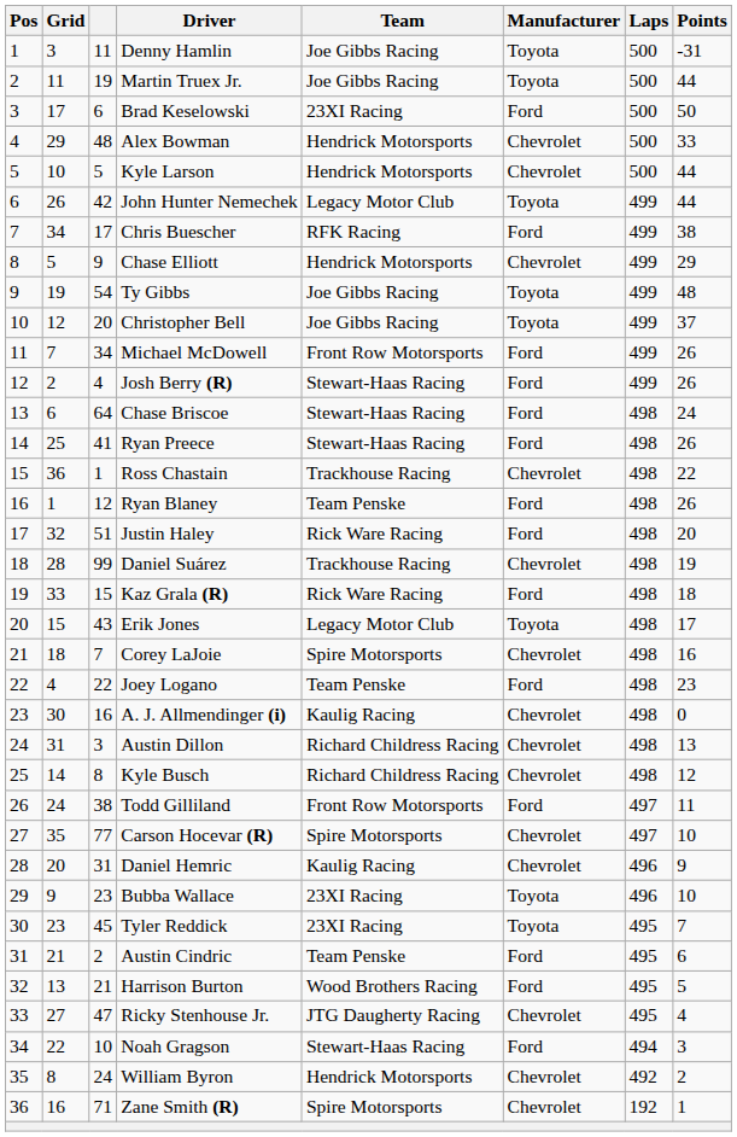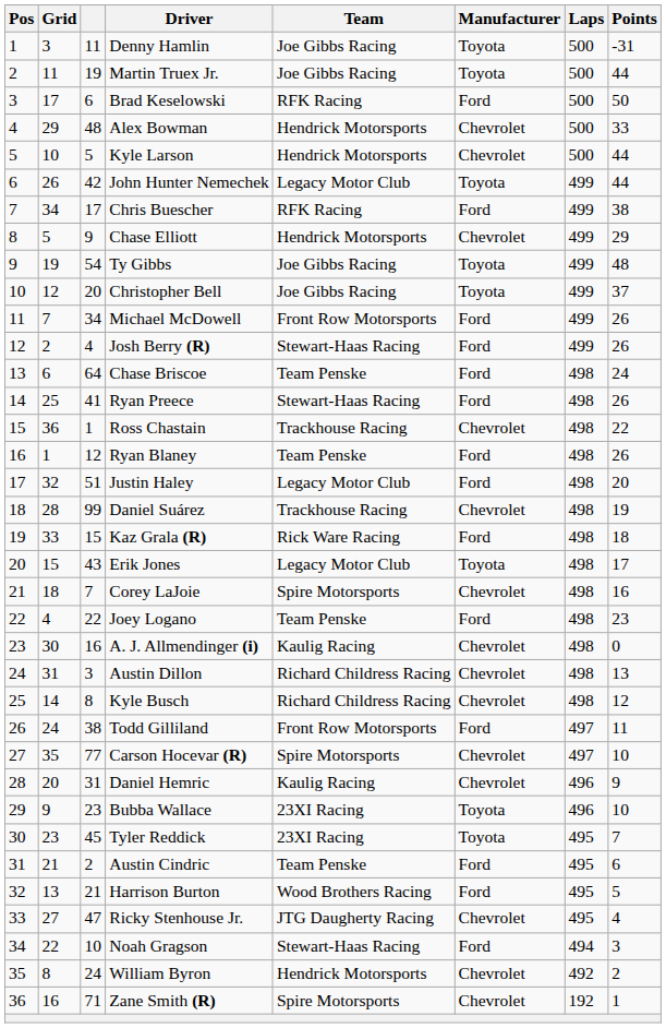 <table class="wikitable" style="font-size:98%">
 <tr>
 <th>Pos</th>
 <th>Grid</th>
 <th></th>
 <th>Driver</th>
 <th>Team</th>
 <th>Manufacturer</th>
 <th>Laps</th>
 <th>Points</th>
 </tr>
 <tr>
 <td>1</td>
 <td>3</td>
 <td>11</td>
 <td>Denny Hamlin</td>
 <td>Joe Gibbs Racing</td>
 <td>Toyota</td>
 <td>500</td>
 <td>-31 </td>
 </tr>
 <tr>
 <td>2</td>
 <td>11</td>
 <td>19</td>
 <td>Martin Truex Jr.</td>
 <td>Joe Gibbs Racing</td>
 <td>Toyota</td>
 <td>500</td>
 <td>44</td>
 </tr>
 <tr>
 <td>3</td>
 <td>17</td>
 <td>6</td>
 <td>Brad Keselowski</td>
-<td>23XI Racing</td>
+<td>RFK Racing</td>
 <td>Ford</td>
 <td>500</td>
 <td>50</td>
 </tr>
 <tr>
 <td>4</td>
 <td>29</td>
 <td>48</td>
 <td>Alex Bowman</td>
 <td>Hendrick Motorsports</td>
 <td>Chevrolet</td>
 <td>500</td>
 <td>33</td>
 </tr>
 <tr>
 <td>5</td>
 <td>10</td>
 <td>5</td>
 <td>Kyle Larson</td>
 <td>Hendrick Motorsports</td>
 <td>Chevrolet</td>
 <td>500</td>
 <td>44</td>
 </tr>
 <tr>
 <td>6</td>
 <td>26</td>
 <td>42</td>
 <td>John Hunter Nemechek</td>
 <td>Legacy Motor Club</td>
 <td>Toyota</td>
 <td>499</td>
 <td>44</td>
 </tr>
 <tr>
 <td>7</td>
 <td>34</td>
 <td>17</td>
 <td>Chris Buescher</td>
 <td>RFK Racing</td>
 <td>Ford</td>
 <td>499</td>
 <td>38</td>
 </tr>
 <tr>
 <td>8</td>
 <td>5</td>
 <td>9</td>
 <td>Chase Elliott</td>
 <td>Hendrick Motorsports</td>
 <td>Chevrolet</td>
 <td>499</td>
 <td>29</td>
 </tr>
 <tr>
 <td>9</td>
 <td>19</td>
 <td>54</td>
 <td>Ty Gibbs</td>
 <td>Joe Gibbs Racing</td>
 <td>Toyota</td>
 <td>499</td>
 <td>48</td>
 </tr>
 <tr>
 <td>10</td>
 <td>12</td>
 <td>20</td>
 <td>Christopher Bell</td>
 <td>Joe Gibbs Racing</td>
 <td>Toyota</td>
 <td>499</td>
 <td>37</td>
 </tr>
 <tr>
 <td>11</td>
 <td>7</td>
 <td>34</td>
 <td>Michael McDowell</td>
 <td>Front Row Motorsports</td>
 <td>Ford</td>
 <td>499</td>
 <td>26</td>
 </tr>
 <tr>
 <td>12</td>
 <td>2</td>
 <td>4</td>
 <td>Josh Berry <strong>(R)</strong></td>
 <td>Stewart-Haas Racing</td>
 <td>Ford</td>
 <td>499</td>
 <td>26</td>
 </tr>
 <tr>
 <td>13</td>
 <td>6</td>
 <td>64</td>
 <td>Chase Briscoe</td>
-<td>Stewart-Haas Racing</td>
+<td>Team Penske</td>
 <td>Ford</td>
 <td>498</td>
 <td>24</td>
 </tr>
 <tr>
 <td>14</td>
 <td>25</td>
 <td>41</td>
 <td>Ryan Preece</td>
 <td>Stewart-Haas Racing</td>
 <td>Ford</td>
 <td>498</td>
 <td>26</td>
 </tr>
 <tr>
 <td>15</td>
 <td>36</td>
 <td>1</td>
 <td>Ross Chastain</td>
 <td>Trackhouse Racing</td>
 <td>Chevrolet</td>
 <td>498</td>
 <td>22</td>
 </tr>
 <tr>
 <td>16</td>
 <td>1</td>
 <td>12</td>
 <td>Ryan Blaney</td>
 <td>Team Penske</td>
 <td>Ford</td>
 <td>498</td>
 <td>26</td>
 </tr>
 <tr>
 <td>17</td>
 <td>32</td>
 <td>51</td>
 <td>Justin Haley</td>
-<td>Rick Ware Racing</td>
+<td>Legacy Motor Club</td>
 <td>Ford</td>
 <td>498</td>
 <td>20</td>
 </tr>
 <tr>
 <td>18</td>
 <td>28</td>
 <td>99</td>
 <td>Daniel Suárez</td>
 <td>Trackhouse Racing</td>
 <td>Chevrolet</td>
 <td>498</td>
 <td>19</td>
 </tr>
 <tr>
 <td>19</td>
 <td>33</td>
 <td>15</td>
 <td>Kaz Grala <strong>(R)</strong></td>
 <td>Rick Ware Racing</td>
 <td>Ford</td>
 <td>498</td>
 <td>18</td>
 </tr>
 <tr>
 <td>20</td>
 <td>15</td>
 <td>43</td>
 <td>Erik Jones</td>
 <td>Legacy Motor Club</td>
 <td>Toyota</td>
 <td>498</td>
 <td>17</td>
 </tr>
 <tr>
 <td>21</td>
 <td>18</td>
 <td>7</td>
 <td>Corey LaJoie</td>
 <td>Spire Motorsports</td>
 <td>Chevrolet</td>
 <td>498</td>
 <td>16</td>
 </tr>
 <tr>
 <td>22</td>
 <td>4</td>
 <td>22</td>
 <td>Joey Logano</td>
 <td>Team Penske</td>
 <td>Ford</td>
 <td>498</td>
 <td>23</td>
 </tr>
 <tr>
 <td>23</td>
 <td>30</td>
 <td>16</td>
 <td>A. J. Allmendinger <strong>(i)</strong></td>
 <td>Kaulig Racing</td>
 <td>Chevrolet</td>
 <td>498</td>
 <td>0</td>
 </tr>
 <tr>
 <td>24</td>
 <td>31</td>
 <td>3</td>
 <td>Austin Dillon</td>
 <td>Richard Childress Racing</td>
 <td>Chevrolet</td>
 <td>498</td>
 <td>13</td>
 </tr>
 <tr>
 <td>25</td>
 <td>14</td>
 <td>8</td>
 <td>Kyle Busch</td>
 <td>Richard Childress Racing</td>
 <td>Chevrolet</td>
 <td>498</td>
 <td>12</td>
 </tr>
 <tr>
 <td>26</td>
 <td>24</td>
 <td>38</td>
 <td>Todd Gilliland</td>
 <td>Front Row Motorsports</td>
 <td>Ford</td>
 <td>497</td>
 <td>11</td>
 </tr>
 <tr>
 <td>27</td>
 <td>35</td>
 <td>77</td>
 <td>Carson Hocevar <strong>(R)</strong></td>
 <td>Spire Motorsports</td>
 <td>Chevrolet</td>
 <td>497</td>
 <td>10</td>
 </tr>
 <tr>
 <td>28</td>
 <td>20</td>
 <td>31</td>
 <td>Daniel Hemric</td>
 <td>Kaulig Racing</td>
 <td>Chevrolet</td>
 <td>496</td>
 <td>9</td>
 </tr>
 <tr>
 <td>29</td>
 <td>9</td>
 <td>23</td>
 <td>Bubba Wallace</td>
 <td>23XI Racing</td>
 <td>Toyota</td>
 <td>496</td>
 <td>10</td>
 </tr>
 <tr>
 <td>30</td>
 <td>23</td>
 <td>45</td>
 <td>Tyler Reddick</td>
 <td>23XI Racing</td>
 <td>Toyota</td>
 <td>495</td>
 <td>7</td>
 </tr>
 <tr>
 <td>31</td>
 <td>21</td>
 <td>2</td>
 <td>Austin Cindric</td>
 <td>Team Penske</td>
 <td>Ford</td>
 <td>495</td>
 <td>6</td>
 </tr>
 <tr>
 <td>32</td>
 <td>13</td>
 <td>21</td>
 <td>Harrison Burton</td>
 <td>Wood Brothers Racing</td>
 <td>Ford</td>
 <td>495</td>
 <td>5</td>
 </tr>
 <tr>
 <td>33</td>
 <td>27</td>
 <td>47</td>
 <td>Ricky Stenhouse Jr.</td>
 <td>JTG Daugherty Racing</td>
 <td>Chevrolet</td>
 <td>495</td>
 <td>4</td>
 </tr>
 <tr>
 <td>34</td>
 <td>22</td>
 <td>10</td>
 <td>Noah Gragson</td>
 <td>Stewart-Haas Racing</td>
 <td>Ford</td>
 <td>494</td>
 <td>3</td>
 </tr>
 <tr>
 <td>35</td>
 <td>8</td>
 <td>24</td>
 <td>William Byron</td>
 <td>Hendrick Motorsports</td>
 <td>Chevrolet</td>
 <td>492</td>
 <td>2</td>
 </tr>
 <tr>
 <td>36</td>
 <td>16</td>
 <td>71</td>
 <td>Zane Smith <strong>(R)</strong></td>
 <td>Spire Motorsports</td>
 <td>Chevrolet</td>
 <td>192</td>
 <td>1</td>
 </tr>
 <tr>
 <th colspan="8"></th>
 </tr>
 </table>
